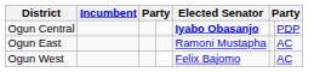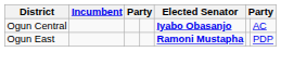 <table class="sortable wikitable" style="font-size:95%;line-height:14px;">
 <tr>
 <th class="unsortable">District</th>
 <th class="unsortable"><a href='#'>Incumbent</a></th>
 <th colspan="2">Party</th>
 <th class="unsortable">Elected Senator</th>
 <th colspan="2">Party</th>
 </tr>
 <tr>
 <td>Ogun Central</td>
 <td></td>
 <td></td>
 <td></td>
 <td><strong><a href='#'>Iyabo Obasanjo</a></strong></td>
 <td style="background:"></td>
-<td><a href='#'>PDP</a></td>
+<td><a href='#'>AC</a></td>
 </tr>
 <tr>
 <td>Ogun East</td>
 <td></td>
 <td></td>
 <td></td>
-<td><a href='#'>Ramoni Mustapha</a></td>
+<td><strong><a href='#'>Ramoni Mustapha</a></strong></td>
 <td style="background:"></td>
-<td><a href='#'>AC</a></td>
-</tr>
-<tr>
-<td>Ogun West</td>
-<td></td>
-<td></td>
-<td></td>
-<td><a href='#'>Felix Bajomo</a></td>
-<td style="background:"></td>
-<td><a href='#'>AC</a></td>
+<td><a href='#'>PDP</a></td>
 </tr>
 </table>
